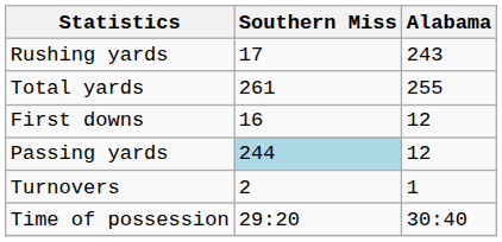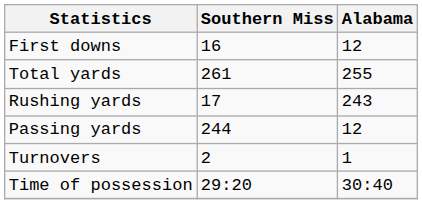 <table class="wikitable" style="float: left;">
 <tr>
 <th>Statistics</th>
 <th>Southern Miss</th>
 <th>Alabama</th>
 </tr>
 <tr>
-<td>Rushing yards</td>
-<td>17</td>
-<td>243</td>
+<td>First downs</td>
+<td>16</td>
+<td>12</td>
 </tr>
 <tr>
 <td>Total yards</td>
 <td>261</td>
 <td>255</td>
 </tr>
 <tr>
-<td>First downs</td>
-<td>16</td>
-<td>12</td>
+<td>Rushing yards</td>
+<td>17</td>
+<td>243</td>
 </tr>
 <tr>
 <td>Passing yards</td>
-<td style="background: lightblue;">244</td>
+<td>244</td>
 <td>12</td>
 </tr>
 <tr>
 <td>Turnovers</td>
 <td>2</td>
 <td>1</td>
 </tr>
 <tr>
 <td>Time of possession</td>
 <td>29:20</td>
 <td>30:40</td>
 </tr>
 <tr>
 </tr>
 </table>
